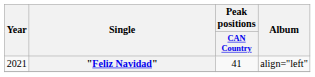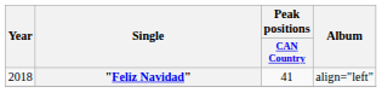 <table class="wikitable plainrowheaders" style="text-align:center;">
 <tr>
 <th rowspan="2">Year</th>
 <th rowspan="2" style="width:18em;">Single</th>
 <th>Peak positions</th>
 <th rowspan="2">Album</th>
 </tr>
 <tr style="font-size:smaller;">
 <th width="4em;"><a href='#'>CAN Country</a><br></th>
 </tr>
 <tr>
-<td>2021</td>
+<td>2018</td>
 <th scope="row">"<a href='#'>Feliz Navidad</a>"</th>
 <td>41</td>
 <td>align="left" </td>
 </tr>
 <tr>
 </tr>
 </table>
